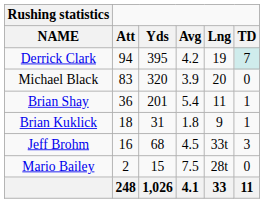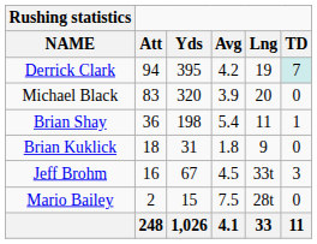 <table class="wikitable sortable" style="text-align:center;">
 <tr>
 <th style="text-align:center;">Rushing statistics</th>
 </tr>
 <tr>
 <th>NAME</th>
 <th>Att</th>
 <th>Yds</th>
 <th>Avg</th>
 <th>Lng</th>
 <th>TD</th>
 </tr>
 <tr>
 <td><a href='#'>Derrick Clark</a></td>
 <td>94</td>
 <td>395</td>
 <td>4.2</td>
 <td>19</td>
 <td style="background:#cfecec;">7</td>
 </tr>
 <tr>
 <td>Michael Black</td>
 <td>83</td>
 <td>320</td>
 <td>3.9</td>
 <td>20</td>
 <td>0</td>
 </tr>
 <tr>
 <td><a href='#'>Brian Shay</a></td>
 <td>36</td>
-<td>201</td>
+<td>198</td>
 <td>5.4</td>
 <td>11</td>
 <td>1</td>
 </tr>
 <tr>
 <td><a href='#'>Brian Kuklick</a></td>
 <td>18</td>
 <td>31</td>
 <td>1.8</td>
 <td>9</td>
-<td>1</td>
+<td>0</td>
 </tr>
 <tr>
 <td><a href='#'>Jeff Brohm</a></td>
 <td>16</td>
-<td>68</td>
+<td>67</td>
 <td>4.5</td>
 <td>33t</td>
 <td>3</td>
 </tr>
 <tr>
 <td><a href='#'>Mario Bailey</a></td>
 <td>2</td>
 <td>15</td>
 <td>7.5</td>
 <td>28t</td>
 <td>0</td>
 </tr>
 <tr>
 <th colspan="1"></th>
 <th>248</th>
 <th>1,026</th>
 <th>4.1</th>
 <th>33</th>
 <th>11</th>
 </tr>
 </table>
